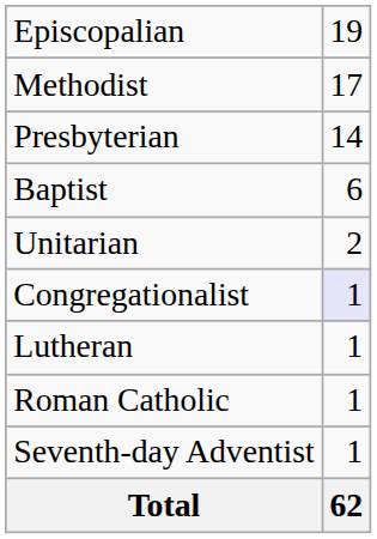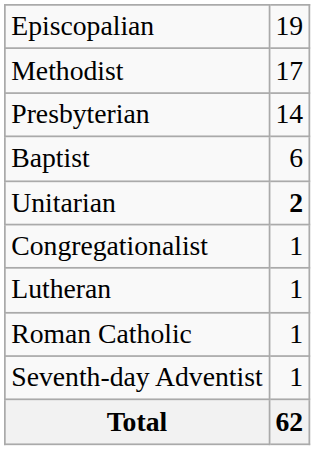 <table class="wikitable">
 <tr>
 <td>Episcopalian</td>
 <td align="right">19</td>
 </tr>
 <tr>
 <td>Methodist</td>
 <td align="right">17</td>
 </tr>
 <tr>
 <td>Presbyterian</td>
 <td align="right">14</td>
 </tr>
 <tr>
 <td>Baptist</td>
 <td align="right">6</td>
 </tr>
 <tr>
 <td>Unitarian</td>
-<td align="right">2</td>
+<td align="right"><strong>2</strong></td>
 </tr>
 <tr>
 <td>Congregationalist</td>
-<td align="right" style="background: lavender;">1</td>
+<td align="right">1</td>
 </tr>
 <tr>
 <td>Lutheran</td>
 <td align="right">1</td>
 </tr>
 <tr>
 <td>Roman Catholic</td>
 <td align="right">1</td>
 </tr>
 <tr>
 <td>Seventh-day Adventist</td>
 <td align="right">1</td>
 </tr>
 <tr>
 <th>Total</th>
 <th align=right>62</th>
 </tr>
 </table>
